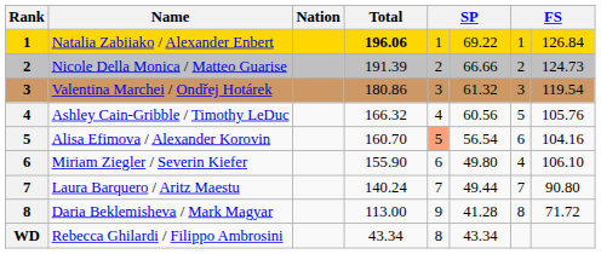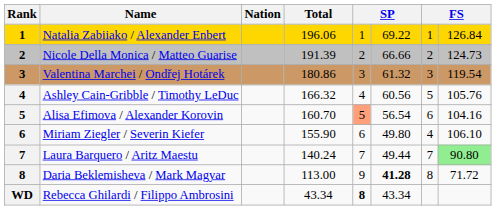 <table class="wikitable sortable">
 <tr>
 <th>Rank</th>
 <th>Name</th>
 <th>Nation</th>
 <th width="80px">Total</th>
 <th colspan="2" width="80px"><a href='#'>SP</a></th>
 <th colspan="2" width="80px"><a href='#'>FS</a></th>
 </tr>
 <tr bgcolor="gold">
 <td align="center"><strong>1</strong></td>
 <td><a href='#'>Natalia Zabiiako</a> / <a href='#'>Alexander Enbert</a></td>
 <td></td>
-<td align="center"><strong>196.06</strong></td>
+<td align="center">196.06</td>
 <td align="center">1</td>
 <td align="center">69.22</td>
 <td align="center">1</td>
 <td align="center">126.84</td>
 </tr>
 <tr bgcolor="silver">
 <td align="center"><strong>2</strong></td>
 <td><a href='#'>Nicole Della Monica</a> / <a href='#'>Matteo Guarise</a></td>
 <td></td>
 <td align="center">191.39</td>
 <td align="center">2</td>
 <td align="center">66.66</td>
 <td align="center">2</td>
 <td align="center">124.73</td>
 </tr>
 <tr bgcolor="cc9966">
 <td align="center"><strong>3</strong></td>
 <td><a href='#'>Valentina Marchei</a> / <a href='#'>Ondřej Hotárek</a></td>
 <td></td>
 <td align="center">180.86</td>
 <td align="center">3</td>
 <td align="center">61.32</td>
 <td align="center">3</td>
 <td align="center">119.54</td>
 </tr>
 <tr>
 <th>4</th>
 <td><a href='#'>Ashley Cain-Gribble</a> / <a href='#'>Timothy LeDuc</a></td>
 <td></td>
 <td align="center">166.32</td>
 <td align="center">4</td>
 <td align="center">60.56</td>
 <td align="center">5</td>
 <td align="center">105.76</td>
 </tr>
 <tr>
 <th>5</th>
 <td><a href='#'>Alisa Efimova</a> / <a href='#'>Alexander Korovin</a></td>
 <td></td>
 <td align="center">160.70</td>
 <td align="center" style="background: lightsalmon;">5</td>
 <td align="center">56.54</td>
 <td align="center">6</td>
 <td align="center">104.16</td>
 </tr>
 <tr>
 <th>6</th>
 <td><a href='#'>Miriam Ziegler</a> / <a href='#'>Severin Kiefer</a></td>
 <td></td>
 <td align="center">155.90</td>
 <td align="center">6</td>
 <td align="center">49.80</td>
 <td align="center">4</td>
 <td align="center">106.10</td>
 </tr>
 <tr>
 <th>7</th>
 <td><a href='#'>Laura Barquero</a> / <a href='#'>Aritz Maestu</a></td>
 <td></td>
 <td align="center">140.24</td>
 <td align="center">7</td>
 <td align="center">49.44</td>
 <td align="center">7</td>
-<td align="center">90.80</td>
+<td align="center" style="background: lightgreen;">90.80</td>
 </tr>
 <tr>
 <th>8</th>
 <td><a href='#'>Daria Beklemisheva</a> / <a href='#'>Mark Magyar</a></td>
 <td></td>
 <td align="center">113.00</td>
 <td align="center">9</td>
-<td align="center">41.28</td>
+<td align="center"><strong>41.28</strong></td>
 <td align="center">8</td>
 <td align="center">71.72</td>
 </tr>
 <tr>
 <th>WD</th>
 <td><a href='#'>Rebecca Ghilardi</a> / <a href='#'>Filippo Ambrosini</a></td>
 <td></td>
 <td align="center">43.34</td>
-<td align="center">8</td>
+<td align="center"><strong>8</strong></td>
 <td align="center">43.34</td>
 <td align="center"></td>
 <td align="center"></td>
 </tr>
 </table>
